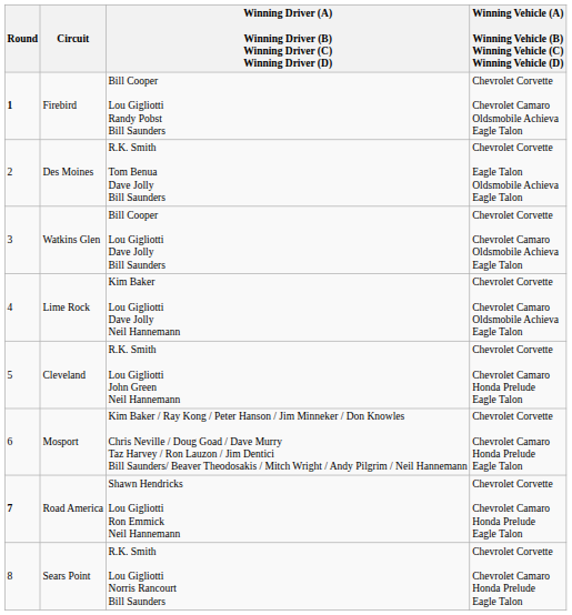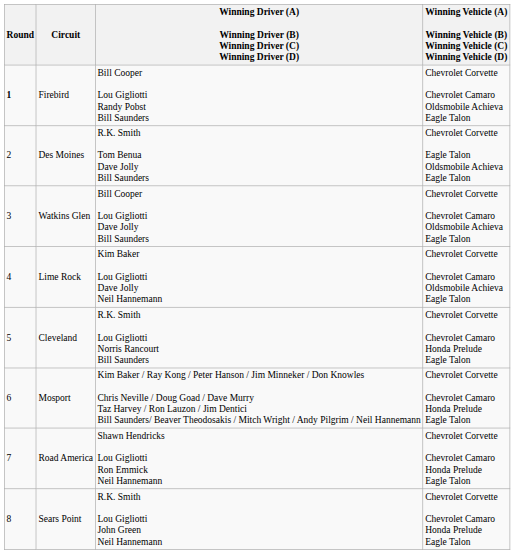 <table class="wikitable" style="font-size: 90%;">
 <tr>
 <th>Round</th>
 <th>Circuit</th>
 <th>Winning Driver (A)<br><br>Winning Driver (B)<br> Winning Driver (C)<br> Winning Driver (D)<br></th>
 <th>Winning Vehicle (A)<br><br>Winning Vehicle (B)<br> Winning Vehicle (C)<br> Winning Vehicle (D)<br></th>
 </tr>
 <tr>
 <td><strong>1</strong></td>
 <td>Firebird</td>
 <td>Bill Cooper<br><br>Lou Gigliotti<br> Randy Pobst<br> Bill Saunders<br></td>
 <td>Chevrolet Corvette<br><br>Chevrolet Camaro<br> Oldsmobile Achieva<br> Eagle Talon<br></td>
 </tr>
 <tr>
 <td>2</td>
 <td>Des Moines</td>
 <td>R.K. Smith<br><br>Tom Benua<br> Dave Jolly<br> Bill Saunders<br></td>
 <td>Chevrolet Corvette<br><br>Eagle Talon<br> Oldsmobile Achieva<br> Eagle Talon<br></td>
 </tr>
 <tr>
 <td>3</td>
 <td>Watkins Glen</td>
 <td>Bill Cooper<br><br>Lou Gigliotti<br> Dave Jolly<br> Bill Saunders<br></td>
 <td>Chevrolet Corvette<br><br>Chevrolet Camaro<br> Oldsmobile Achieva<br> Eagle Talon<br></td>
 </tr>
 <tr>
 <td>4</td>
 <td>Lime Rock</td>
 <td>Kim Baker<br><br> Lou Gigliotti<br> Dave Jolly<br> Neil Hannemann<br></td>
 <td>Chevrolet Corvette<br><br>Chevrolet Camaro<br> Oldsmobile Achieva<br> Eagle Talon<br></td>
 </tr>
 <tr>
 <td>5</td>
 <td>Cleveland</td>
-<td>R.K. Smith<br><br>Lou Gigliotti<br> John Green<br> Neil Hannemann<br></td>
+<td>R.K. Smith<br><br>Lou Gigliotti<br> Norris Rancourt<br> Bill Saunders<br></td>
 <td>Chevrolet Corvette<br><br>Chevrolet Camaro<br> Honda Prelude<br> Eagle Talon<br></td>
 </tr>
 <tr>
 <td>6</td>
 <td>Mosport</td>
 <td> Kim Baker /  Ray Kong /  Peter Hanson /  Jim Minneker /  Don Knowles<br><br>Chris Neville /  Doug Goad /  Dave Murry <br> Taz Harvey /  Ron Lauzon /  Jim Dentici<br> Bill Saunders/ Beaver Theodosakis /  Mitch Wright /  Andy Pilgrim /  Neil Hannemann</td>
 <td>Chevrolet Corvette<br><br>Chevrolet Camaro<br> Honda Prelude<br> Eagle Talon<br></td>
 </tr>
 <tr>
-<td><strong>7</strong></td>
+<td>7</td>
 <td>Road America</td>
 <td>Shawn Hendricks<br><br>Lou Gigliotti<br> Ron Emmick<br> Neil Hannemann<br></td>
 <td>Chevrolet Corvette<br><br>Chevrolet Camaro<br> Honda Prelude<br> Eagle Talon<br></td>
 </tr>
 <tr>
 <td>8</td>
 <td>Sears Point</td>
-<td>R.K. Smith<br><br>Lou Gigliotti<br> Norris Rancourt<br> Bill Saunders<br></td>
+<td>R.K. Smith<br><br>Lou Gigliotti<br> John Green<br> Neil Hannemann<br></td>
 <td>Chevrolet Corvette<br><br>Chevrolet Camaro<br> Honda Prelude<br> Eagle Talon<br></td>
 </tr>
 </table>
